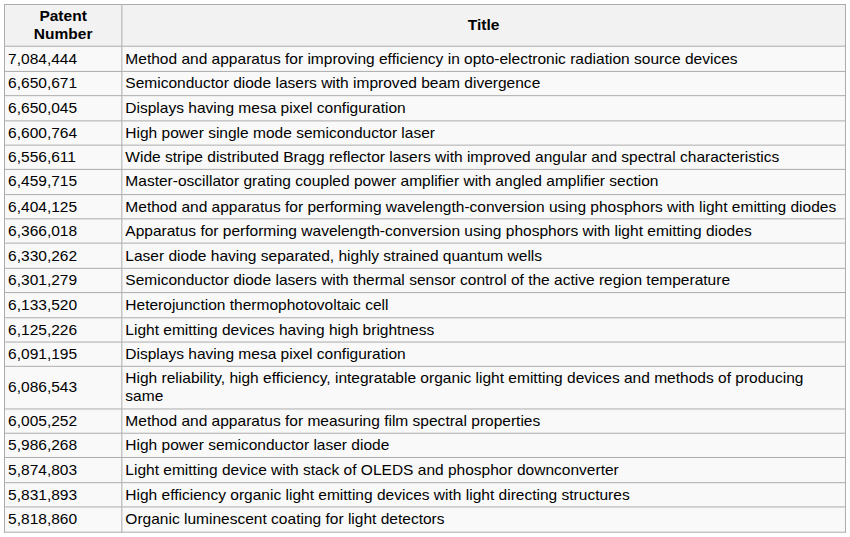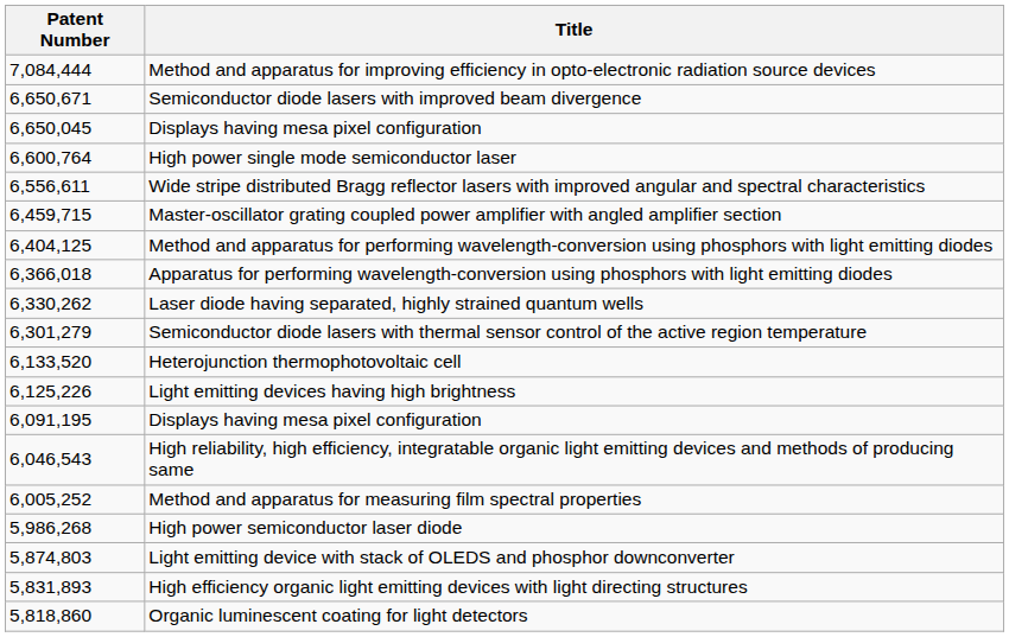 <table class="wikitable">
 <tr>
 <th>Patent Number</th>
 <th>Title</th>
 </tr>
 <tr>
 <td>7,084,444</td>
 <td>Method and apparatus for improving efficiency in opto-electronic radiation source devices</td>
 </tr>
 <tr>
 <td>6,650,671</td>
 <td>Semiconductor diode lasers with improved beam divergence</td>
 </tr>
 <tr>
 <td>6,650,045</td>
 <td>Displays having mesa pixel configuration</td>
 </tr>
 <tr>
 <td>6,600,764</td>
 <td>High power single mode semiconductor laser</td>
 </tr>
 <tr>
 <td>6,556,611</td>
 <td>Wide stripe distributed Bragg reflector lasers with improved angular and spectral characteristics</td>
 </tr>
 <tr>
 <td>6,459,715</td>
 <td>Master-oscillator grating coupled power amplifier with angled amplifier section</td>
 </tr>
 <tr>
 <td>6,404,125</td>
 <td>Method and apparatus for performing wavelength-conversion using phosphors with light emitting diodes</td>
 </tr>
 <tr>
 <td>6,366,018</td>
 <td>Apparatus for performing wavelength-conversion using phosphors with light emitting diodes</td>
 </tr>
 <tr>
 <td>6,330,262</td>
 <td>Laser diode having separated, highly strained quantum wells</td>
 </tr>
 <tr>
 <td>6,301,279</td>
 <td>Semiconductor diode lasers with thermal sensor control of the active region temperature</td>
 </tr>
 <tr>
 <td>6,133,520</td>
 <td>Heterojunction thermophotovoltaic cell</td>
 </tr>
 <tr>
 <td>6,125,226</td>
 <td>Light emitting devices having high brightness</td>
 </tr>
 <tr>
 <td>6,091,195</td>
 <td>Displays having mesa pixel configuration</td>
 </tr>
 <tr>
-<td>6,086,543</td>
+<td>6,046,543</td>
 <td>High reliability, high efficiency, integratable organic light emitting devices and methods of producing same</td>
 </tr>
 <tr>
 <td>6,005,252</td>
 <td>Method and apparatus for measuring film spectral properties</td>
 </tr>
 <tr>
 <td>5,986,268</td>
 <td>High power semiconductor laser diode</td>
 </tr>
 <tr>
 <td>5,874,803</td>
 <td>Light emitting device with stack of OLEDS and phosphor downconverter</td>
 </tr>
 <tr>
 <td>5,831,893</td>
 <td>High efficiency organic light emitting devices with light directing structures</td>
 </tr>
 <tr>
 <td>5,818,860</td>
 <td>Organic luminescent coating for light detectors</td>
 </tr>
 </table>
